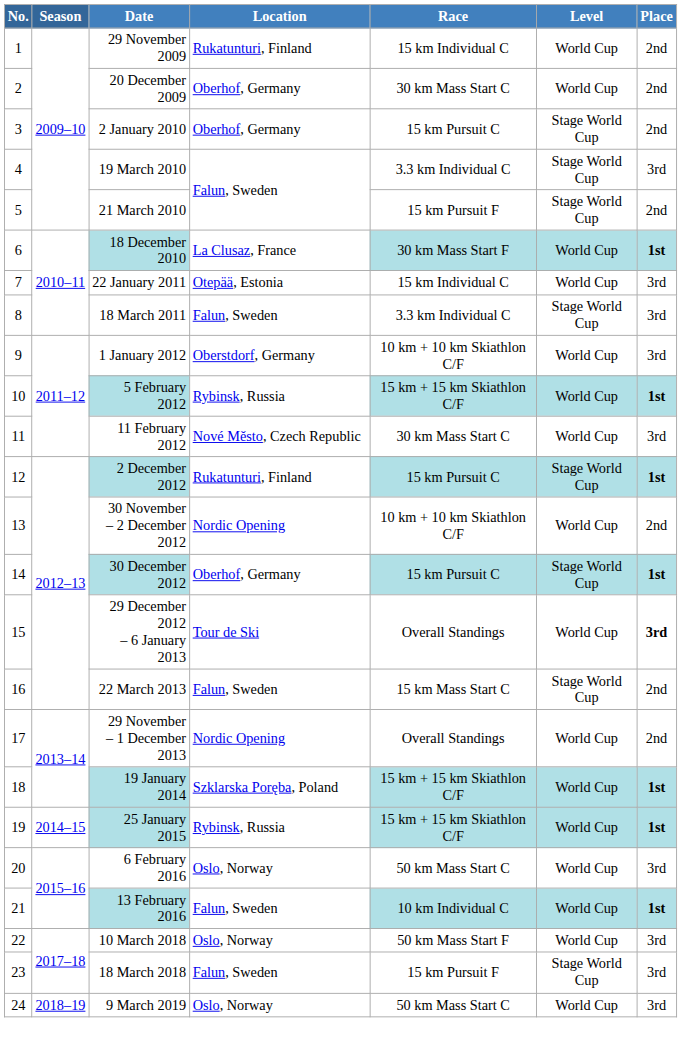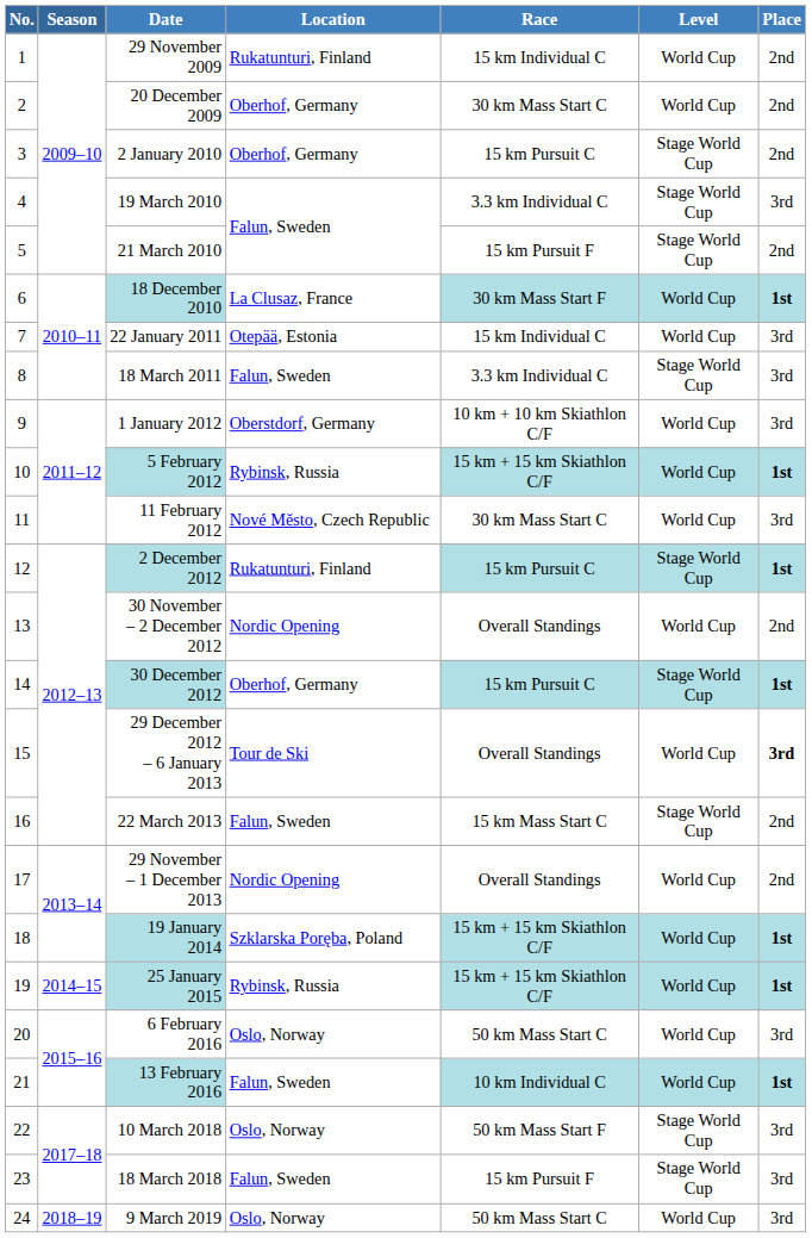 <table class="wikitable sortable" style="font-size:95%; text-align:center; border:grey solid 1px; border-collapse:collapse; background:#ffffff;">
 <tr style="background:#efefef;">
 <th style="background-color:#369; color:white;">No.</th>
 <th style="background-color:#369; color:white;">Season</th>
 <th style="background-color:#4180be; color:white; width:100px;">Date</th>
 <th style="background-color:#4180be; color:white; width:185px;">Location</th>
 <th style="background-color:#4180be; color:white; width:170px;">Race</th>
 <th style="background-color:#4180be; color:white; width:100px;">Level</th>
 <th style="background-color:#4180be; color:white;">Place</th>
 </tr>
 <tr>
 <td align=center>1</td>
 <td rowspan=5 align=center><a href='#'>2009–10</a></td>
 <td align=right>29 November 2009</td>
 <td align=left> <a href='#'>Rukatunturi</a>, Finland</td>
 <td>15 km Individual C</td>
 <td>World Cup</td>
 <td>2nd</td>
 </tr>
 <tr>
 <td align=center>2</td>
 <td align=right>20 December 2009</td>
 <td align=left> <a href='#'>Oberhof</a>, Germany</td>
 <td>30  km Mass Start C</td>
 <td>World Cup</td>
 <td>2nd</td>
 </tr>
 <tr>
 <td align=center>3</td>
 <td align=right>2 January 2010</td>
 <td align=left> <a href='#'>Oberhof</a>, Germany</td>
 <td>15 km Pursuit C</td>
 <td>Stage World Cup</td>
 <td>2nd</td>
 </tr>
 <tr>
 <td align=center>4</td>
 <td align=right>19 March 2010</td>
 <td rowspan=2 align=left> <a href='#'>Falun</a>, Sweden</td>
 <td>3.3 km Individual C</td>
 <td>Stage World Cup</td>
 <td>3rd</td>
 </tr>
 <tr>
 <td align=center>5</td>
 <td align=right>21 March 2010</td>
 <td>15 km Pursuit F</td>
 <td>Stage World Cup</td>
 <td>2nd</td>
 </tr>
 <tr>
 <td align=center>6</td>
 <td rowspan=3 align=center><a href='#'>2010–11</a></td>
 <td bgcolor="#BOEOE6" align=right>18 December 2010</td>
 <td align=left> <a href='#'>La Clusaz</a>, France</td>
 <td bgcolor="#BOEOE6">30 km Mass Start F</td>
 <td bgcolor="#BOEOE6">World Cup</td>
 <td bgcolor="#BOEOE6"><strong>1st</strong></td>
 </tr>
 <tr>
 <td align=center>7</td>
 <td align=right>22 January 2011</td>
 <td align=left> <a href='#'>Otepää</a>, Estonia</td>
 <td>15 km Individual C</td>
 <td>World Cup</td>
 <td>3rd</td>
 </tr>
 <tr>
 <td align=center>8</td>
 <td align=right>18 March 2011</td>
 <td align=left> <a href='#'>Falun</a>, Sweden</td>
 <td>3.3 km Individual C</td>
 <td>Stage World Cup</td>
 <td>3rd</td>
 </tr>
 <tr>
 <td align=center>9</td>
 <td rowspan=3 align=center><a href='#'>2011–12</a></td>
 <td align=right>1 January 2012</td>
 <td align=left> <a href='#'>Oberstdorf</a>, Germany</td>
 <td>10 km + 10 km Skiathlon C/F</td>
 <td>World Cup</td>
 <td>3rd</td>
 </tr>
 <tr>
 <td align=center>10</td>
 <td bgcolor="#BOEOE6" align=right>5 February 2012</td>
 <td align=left> <a href='#'>Rybinsk</a>, Russia</td>
 <td bgcolor="#BOEOE6">15 km + 15 km Skiathlon C/F</td>
 <td bgcolor="#BOEOE6">World Cup</td>
 <td bgcolor="#BOEOE6"><strong>1st</strong></td>
 </tr>
 <tr>
 <td align=center>11</td>
 <td align=right>11 February 2012</td>
 <td align=left> <a href='#'>Nové Město</a>, Czech Republic</td>
 <td>30 km Mass Start C</td>
 <td>World Cup</td>
 <td>3rd</td>
 </tr>
 <tr>
 <td align=center>12</td>
 <td rowspan=5 align=center><a href='#'>2012–13</a></td>
 <td bgcolor="#BOEOE6" align=right>2 December 2012</td>
 <td align=left> <a href='#'>Rukatunturi</a>, Finland</td>
 <td bgcolor="#BOEOE6">15 km Pursuit C</td>
 <td bgcolor="#BOEOE6">Stage World Cup</td>
 <td bgcolor="#BOEOE6"><strong>1st</strong></td>
 </tr>
 <tr>
 <td align=center>13</td>
 <td align=right>30 November<br> – 2 December 2012</td>
 <td align=left> <a href='#'>Nordic Opening</a></td>
-<td>10 km + 10 km Skiathlon C/F</td>
+<td>Overall Standings</td>
 <td>World Cup</td>
 <td>2nd</td>
 </tr>
 <tr>
 <td align=center>14</td>
 <td bgcolor="#BOEOE6" align=right>30 December 2012</td>
 <td align=left> <a href='#'>Oberhof</a>, Germany</td>
 <td bgcolor="#BOEOE6">15 km Pursuit C</td>
 <td bgcolor="#BOEOE6">Stage World Cup</td>
 <td bgcolor="#BOEOE6"><strong>1st</strong></td>
 </tr>
 <tr>
 <td align=center>15</td>
 <td align=right>29 December 2012<br> – 6 January 2013</td>
 <td align=left> <a href='#'>Tour de Ski</a></td>
 <td>Overall Standings</td>
 <td>World Cup</td>
 <td><strong>3rd</strong></td>
 </tr>
 <tr>
 <td align=center>16</td>
 <td align=right>22 March 2013</td>
 <td align=left> <a href='#'>Falun</a>, Sweden</td>
 <td>15 km Mass Start C</td>
 <td>Stage World Cup</td>
 <td>2nd</td>
 </tr>
 <tr>
 <td align=center>17</td>
 <td rowspan=2 align=center><a href='#'>2013–14</a></td>
 <td align=right>29 November<br> – 1 December 2013</td>
 <td align=left>  <a href='#'>Nordic Opening</a></td>
 <td>Overall Standings</td>
 <td>World Cup</td>
 <td>2nd</td>
 </tr>
 <tr>
 <td align=center>18</td>
 <td bgcolor="#BOEOE6" align=right>19 January 2014</td>
 <td align=left> <a href='#'>Szklarska Poręba</a>, Poland</td>
 <td bgcolor="#BOEOE6">15 km + 15 km Skiathlon C/F</td>
 <td bgcolor="#BOEOE6">World Cup</td>
 <td bgcolor="#BOEOE6"><strong>1st</strong></td>
 </tr>
 <tr>
 <td align=center>19</td>
 <td rowspan=1 align=center><a href='#'>2014–15</a></td>
 <td bgcolor="#BOEOE6" align=right>25 January 2015</td>
 <td align=left> <a href='#'>Rybinsk</a>, Russia</td>
 <td bgcolor="#BOEOE6">15 km + 15 km Skiathlon C/F</td>
 <td bgcolor="#BOEOE6">World Cup</td>
 <td bgcolor="#BOEOE6"><strong>1st</strong></td>
 </tr>
 <tr>
 <td align=center>20</td>
 <td rowspan=2 align=center><a href='#'>2015–16</a></td>
 <td align=right>6 February 2016</td>
 <td align=left> <a href='#'>Oslo</a>, Norway</td>
 <td>50 km Mass Start C</td>
 <td>World Cup</td>
 <td>3rd</td>
 </tr>
 <tr>
 <td align=center>21</td>
 <td bgcolor="#BOEOE6" align=right>13 February 2016</td>
 <td align=left> <a href='#'>Falun</a>, Sweden</td>
 <td bgcolor="#BOEOE6">10 km Individual C</td>
 <td bgcolor="#BOEOE6">World Cup</td>
 <td bgcolor="#BOEOE6"><strong>1st</strong></td>
 </tr>
 <tr>
 <td align=center>22</td>
 <td rowspan=2 align=center><a href='#'>2017–18</a></td>
 <td align=right>10 March 2018</td>
 <td align=left> <a href='#'>Oslo</a>, Norway</td>
 <td>50 km Mass Start F</td>
-<td>World Cup</td>
+<td>Stage World Cup</td>
 <td>3rd</td>
 </tr>
 <tr>
 <td align=center>23</td>
 <td align=right>18 March 2018</td>
 <td align=left> <a href='#'>Falun</a>, Sweden</td>
 <td>15 km Pursuit F</td>
 <td>Stage World Cup</td>
 <td>3rd</td>
 </tr>
 <tr>
 <td align=center>24</td>
 <td rowspan=1 align=center><a href='#'>2018–19</a></td>
 <td align=right>9 March 2019</td>
 <td align=left> <a href='#'>Oslo</a>, Norway</td>
 <td>50 km Mass Start C</td>
 <td>World Cup</td>
 <td>3rd</td>
 </tr>
 </table>
